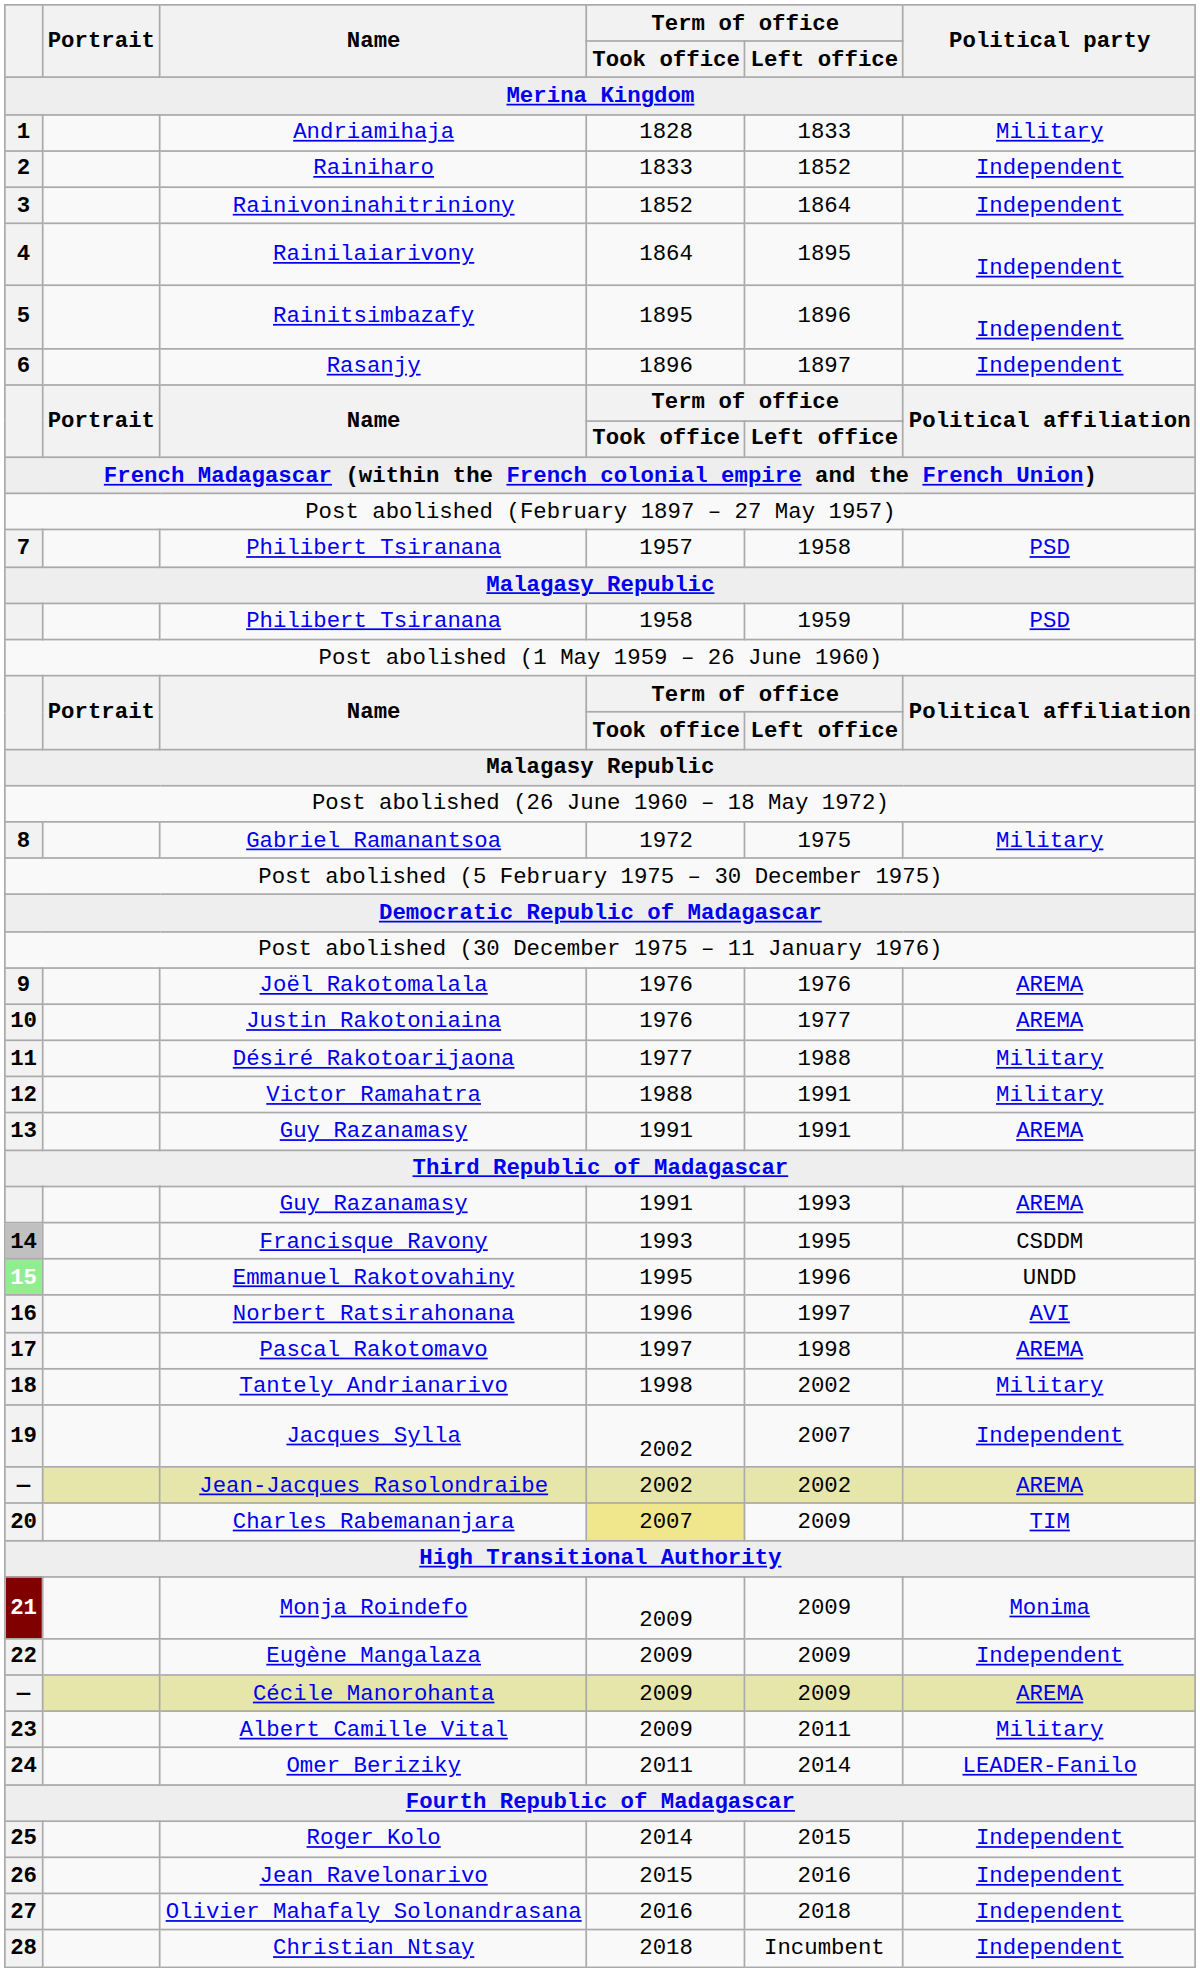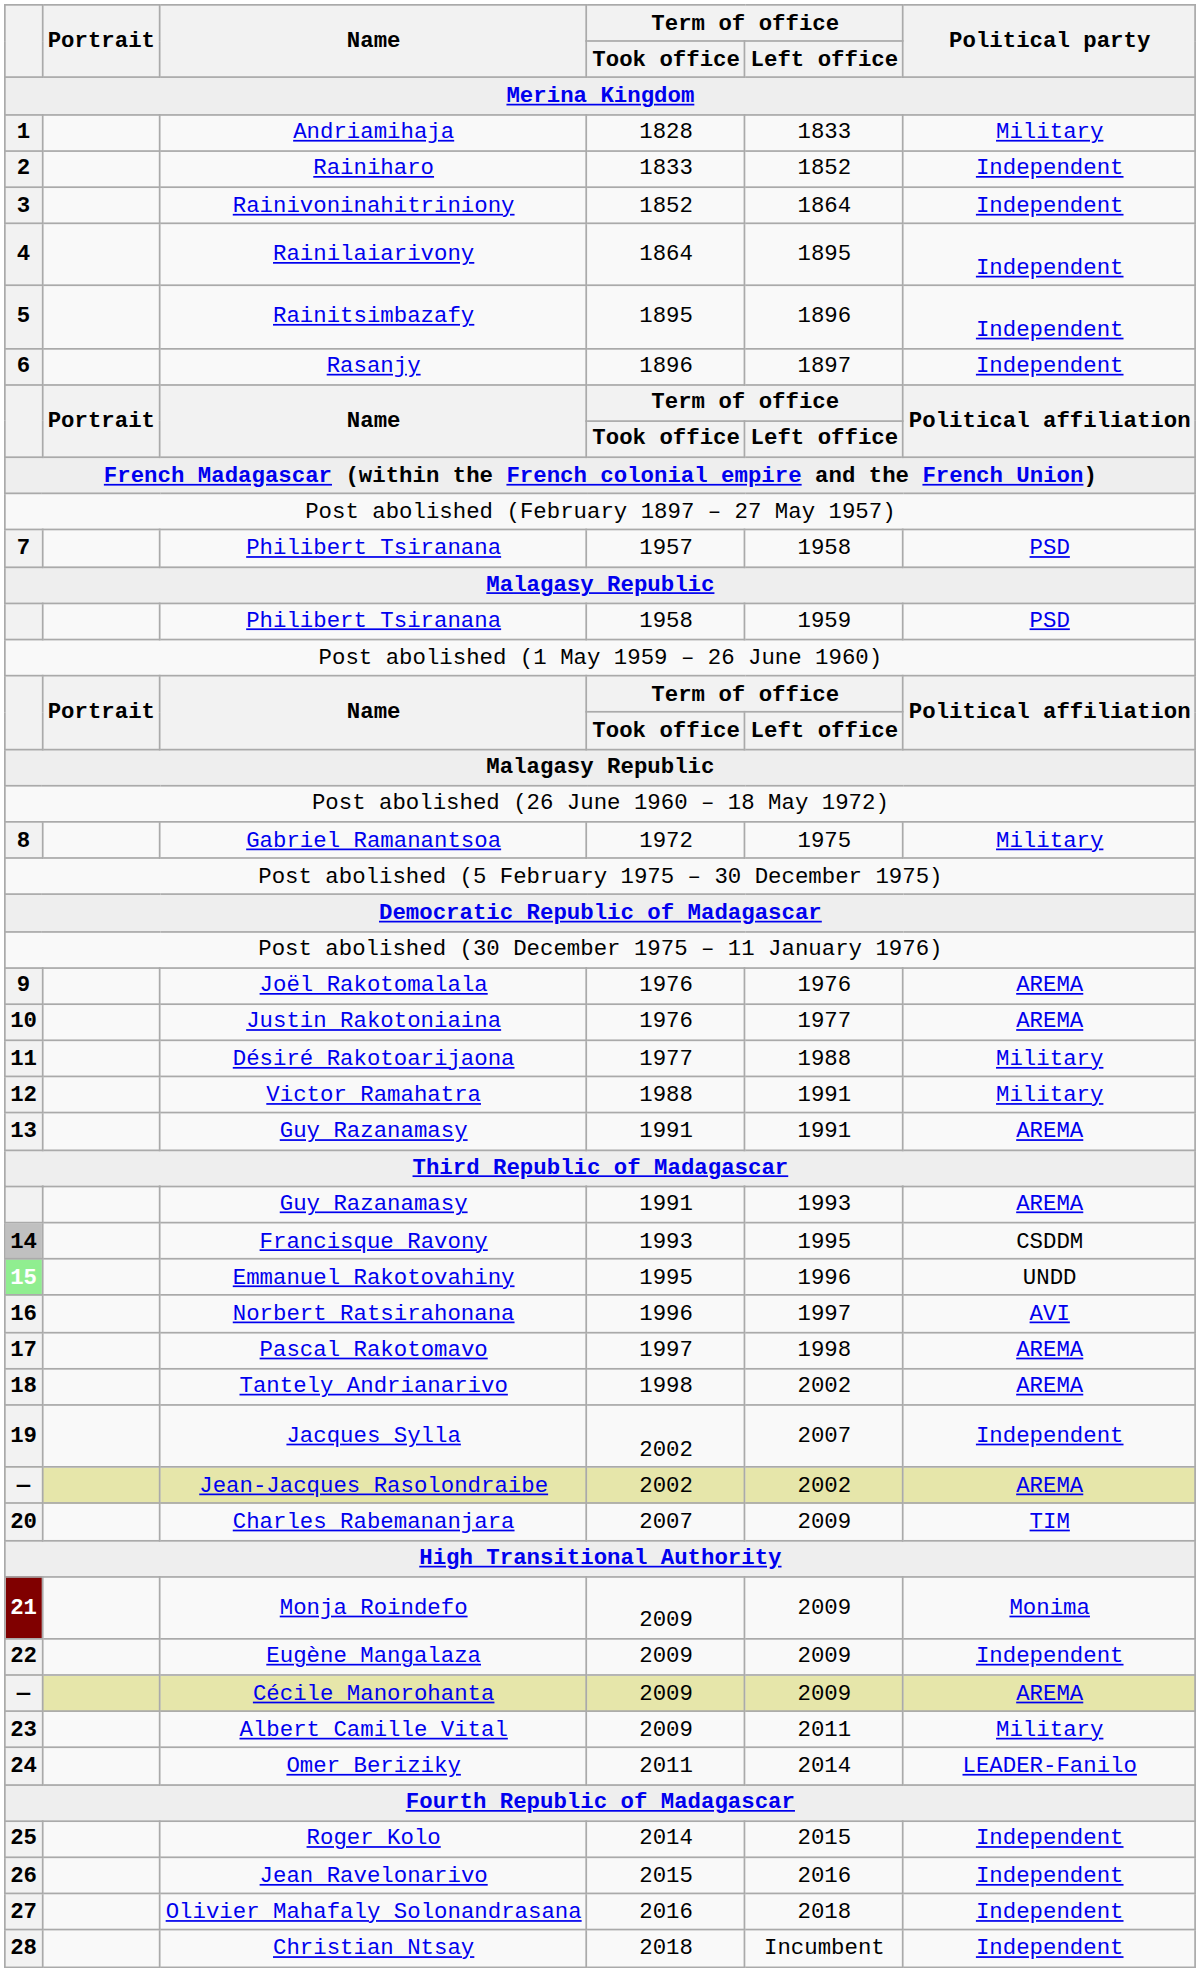 <table class="wikitable" style="text-align:center">
 <tr>
 <th rowspan="2"></th>
 <th rowspan="2">Portrait</th>
 <th rowspan="2">Name<br></th>
 <th colspan="2">Term of office</th>
 <th rowspan="2">Political party</th>
 </tr>
 <tr>
 <th>Took office</th>
 <th>Left office</th>
 </tr>
 <tr bgcolor=#EEEEEE>
 <td colspan="6"><strong><a href='#'>Merina Kingdom</a></strong></td>
 </tr>
 <tr>
 <th style="background:">1</th>
 <td></td>
 <td><a href='#'>Andriamihaja</a><br></td>
 <td>1828</td>
 <td>1833</td>
 <td><a href='#'>Military</a></td>
 </tr>
 <tr>
 <th style="background:">2</th>
 <td></td>
 <td><a href='#'>Rainiharo</a><br></td>
 <td>1833</td>
 <td> 1852<br></td>
 <td><a href='#'>Independent</a></td>
 </tr>
 <tr>
 <th style="background:">3</th>
 <td></td>
 <td><a href='#'>Rainivoninahitriniony</a><br></td>
 <td> 1852</td>
 <td> 1864<br></td>
 <td><a href='#'>Independent</a></td>
 </tr>
 <tr>
 <th style="background:">4</th>
 <td></td>
 <td><a href='#'>Rainilaiarivony</a><br></td>
 <td>1864</td>
 <td>1895</td>
 <td><br><a href='#'>Independent</a></td>
 </tr>
 <tr>
 <th style="background:">5</th>
 <td></td>
 <td><a href='#'>Rainitsimbazafy</a></td>
 <td> 1895</td>
 <td> 1896</td>
 <td><br><a href='#'>Independent</a></td>
 </tr>
 <tr>
 <th style="background:">6</th>
 <td></td>
 <td><a href='#'>Rasanjy</a><br></td>
 <td> 1896</td>
 <td> 1897</td>
 <td><a href='#'>Independent</a></td>
 </tr>
 <tr>
 <th rowspan="2"></th>
 <th rowspan="2">Portrait</th>
 <th rowspan="2">Name<br></th>
 <th colspan="2">Term of office</th>
 <th rowspan="2">Political affiliation</th>
 </tr>
 <tr>
 <th>Took office</th>
 <th>Left office</th>
 </tr>
 <tr bgcolor=#EEEEEE>
 <td colspan="6"><strong><a href='#'>French Madagascar</a> (within the <a href='#'>French colonial empire</a> and the <a href='#'>French Union</a>)</strong></td>
 </tr>
 <tr>
 <td colspan="6">Post abolished (February 1897 – 27 May 1957)</td>
 </tr>
 <tr>
 <th style="background:">7</th>
 <td></td>
 <td><a href='#'>Philibert Tsiranana</a><br></td>
 <td> 1957</td>
 <td> 1958</td>
 <td><a href='#'>PSD</a></td>
 </tr>
 <tr bgcolor=#EEEEEE>
 <td colspan="6"><strong><a href='#'>Malagasy Republic</a> </strong></td>
 </tr>
 <tr>
 <th style="background:"></th>
 <td></td>
 <td><a href='#'>Philibert Tsiranana</a><br></td>
 <td> 1958</td>
 <td> 1959</td>
 <td><a href='#'>PSD</a></td>
 </tr>
 <tr>
 <td colspan="6">Post abolished (1 May 1959 – 26 June 1960)</td>
 </tr>
 <tr>
 <th rowspan="2"></th>
 <th rowspan="2">Portrait</th>
 <th rowspan="2">Name<br></th>
 <th colspan="2">Term of office</th>
 <th rowspan="2">Political affiliation</th>
 </tr>
 <tr>
 <th>Took office</th>
 <th>Left office</th>
 </tr>
 <tr bgcolor=#EEEEEE>
 <td colspan="6"><strong>Malagasy Republic </strong></td>
 </tr>
 <tr>
 <td colspan="6">Post abolished (26 June 1960 – 18 May 1972)</td>
 </tr>
 <tr>
 <th style="background:">8</th>
 <td></td>
 <td><a href='#'>Gabriel Ramanantsoa</a><br></td>
 <td> 1972</td>
 <td> 1975<br></td>
 <td><a href='#'>Military</a></td>
 </tr>
 <tr>
 <td colspan="6">Post abolished (5 February 1975 – 30 December 1975)</td>
 </tr>
 <tr bgcolor=#EEEEEE>
 <td colspan="6"><strong><a href='#'>Democratic Republic of Madagascar</a></strong></td>
 </tr>
 <tr>
 <td colspan="6">Post abolished (30 December 1975 – 11 January 1976)</td>
 </tr>
 <tr>
 <th style="background:">9</th>
 <td></td>
 <td><a href='#'>Joël Rakotomalala</a><br></td>
 <td> 1976</td>
 <td> 1976<br></td>
 <td><a href='#'>AREMA</a></td>
 </tr>
 <tr>
 <th style="background:">10</th>
 <td></td>
 <td><a href='#'>Justin Rakotoniaina</a><br></td>
 <td> 1976</td>
 <td> 1977</td>
 <td><a href='#'>AREMA</a></td>
 </tr>
 <tr>
 <th style="background:">11</th>
 <td></td>
 <td><a href='#'>Désiré Rakotoarijaona</a><br></td>
 <td> 1977</td>
 <td> 1988</td>
 <td><a href='#'>Military</a></td>
 </tr>
 <tr>
 <th style="background:">12</th>
 <td></td>
 <td><a href='#'>Victor Ramahatra</a><br></td>
 <td> 1988</td>
 <td> 1991</td>
 <td><a href='#'>Military</a></td>
 </tr>
 <tr>
 <th style="background:">13</th>
 <td></td>
 <td><a href='#'>Guy Razanamasy</a><br></td>
 <td> 1991</td>
 <td> 1991</td>
 <td><a href='#'>AREMA</a></td>
 </tr>
 <tr bgcolor=#EEEEEE>
 <td colspan="6"><strong><a href='#'>Third Republic of Madagascar</a></strong></td>
 </tr>
 <tr>
 <th rowspan=2 style="background:"></th>
 <td rowspan=2></td>
 <td rowspan=2><a href='#'>Guy Razanamasy</a><br></td>
 <td rowspan=2> 1991</td>
 <td rowspan=2> 1993</td>
 <td rowspan=2><a href='#'>AREMA</a></td>
 </tr>
 <tr>
 </tr>
 <tr>
 <th style="background:Silver; color:black;">14</th>
 <td></td>
 <td><a href='#'>Francisque Ravony</a><br></td>
 <td> 1993</td>
 <td> 1995</td>
 <td>CSDDM</td>
 </tr>
 <tr>
 <th style="background:LightGreen; color:white;">15</th>
 <td></td>
 <td><a href='#'>Emmanuel Rakotovahiny</a><br></td>
 <td> 1995</td>
 <td> 1996</td>
 <td>UNDD</td>
 </tr>
 <tr>
 <th rowspan=3 style="background:">16</th>
 <td rowspan=3></td>
 <td rowspan=3><a href='#'>Norbert Ratsirahonana</a><br></td>
 <td rowspan=3> 1996</td>
 <td rowspan=3> 1997</td>
 <td rowspan=3><a href='#'>AVI</a></td>
 </tr>
 <tr>
 </tr>
 <tr>
 </tr>
 <tr>
 <th style="background:">17</th>
 <td></td>
 <td><a href='#'>Pascal Rakotomavo</a><br></td>
 <td> 1997</td>
 <td> 1998</td>
 <td><a href='#'>AREMA</a></td>
 </tr>
 <tr>
 <th style="background:">18</th>
 <td></td>
 <td><a href='#'>Tantely Andrianarivo</a><br></td>
 <td> 1998</td>
 <td> 2002</td>
-<td><a href='#'>Military</a></td>
+<td><a href='#'>AREMA</a></td>
 </tr>
 <tr>
 <th style="background:">19</th>
 <td></td>
 <td><a href='#'>Jacques Sylla</a><br></td>
 <td><br> 2002</td>
 <td> 2007</td>
 <td><a href='#'>Independent</a></td>
 </tr>
 <tr style="background:#e6e6aa;">
 <th style="background:">—</th>
 <td></td>
 <td><a href='#'>Jean-Jacques Rasolondraibe</a><br></td>
 <td> 2002</td>
 <td> 2002</td>
 <td><a href='#'>AREMA</a></td>
 </tr>
 <tr>
 <th style="background:">20</th>
 <td></td>
 <td><a href='#'>Charles Rabemananjara</a><br></td>
-<td style="background: khaki;"> 2007</td>
+<td> 2007</td>
 <td> 2009<br></td>
 <td><a href='#'>TIM</a></td>
 </tr>
 <tr bgcolor=#EEEEEE>
 <td colspan="6"><strong><a href='#'>High Transitional Authority</a></strong></td>
 </tr>
 <tr>
 <th style="background:Maroon; color:white;">21</th>
 <td></td>
 <td><a href='#'>Monja Roindefo</a><br></td>
 <td><br> 2009</td>
 <td> 2009<br></td>
 <td><a href='#'>Monima</a></td>
 </tr>
 <tr>
 <th style="background:">22</th>
 <td></td>
 <td><a href='#'>Eugène Mangalaza</a><br></td>
 <td> 2009</td>
 <td> 2009</td>
 <td><a href='#'>Independent</a></td>
 </tr>
 <tr style="background:#e6e6aa;">
 <th style="background:">—</th>
 <td></td>
 <td><a href='#'>Cécile Manorohanta</a></td>
 <td> 2009</td>
 <td> 2009</td>
 <td><a href='#'>AREMA</a></td>
 </tr>
 <tr>
 <th style="background:">23</th>
 <td></td>
 <td><a href='#'>Albert Camille Vital</a><br></td>
 <td> 2009</td>
 <td> 2011</td>
 <td><a href='#'>Military</a></td>
 </tr>
 <tr>
 <th rowspan=2 style="background:">24</th>
 <td rowspan=2></td>
 <td rowspan=2><a href='#'>Omer Beriziky</a><br></td>
 <td rowspan=2> 2011</td>
 <td rowspan=2> 2014</td>
 <td rowspan=2><a href='#'>LEADER-Fanilo</a></td>
 </tr>
 <tr>
 </tr>
 <tr bgcolor=#EEEEEE>
 <td colspan="6"><strong><a href='#'>Fourth Republic of Madagascar</a></strong></td>
 </tr>
 <tr>
 <th style="background:">25</th>
 <td></td>
 <td><a href='#'>Roger Kolo</a><br></td>
 <td> 2014</td>
 <td> 2015</td>
 <td><a href='#'>Independent</a></td>
 </tr>
 <tr>
 <th style="background:">26</th>
 <td></td>
 <td><a href='#'>Jean Ravelonarivo</a><br></td>
 <td> 2015</td>
 <td> 2016</td>
 <td><a href='#'>Independent</a></td>
 </tr>
 <tr>
 <th style="background:">27</th>
 <td></td>
 <td><a href='#'>Olivier Mahafaly Solonandrasana</a><br></td>
 <td> 2016</td>
 <td> 2018</td>
 <td><a href='#'>Independent</a></td>
 </tr>
 <tr>
 <th rowspan=6 style="background:">28</th>
 <td rowspan=6></td>
 <td rowspan=6><a href='#'>Christian Ntsay</a><br></td>
 <td rowspan=6> 2018</td>
 <td rowspan=6>Incumbent</td>
 <td rowspan=6><a href='#'>Independent</a></td>
 </tr>
 <tr>
 </tr>
 <tr>
 </tr>
 <tr>
 </tr>
 <tr>
 </tr>
 <tr>
 </tr>
 </table>
